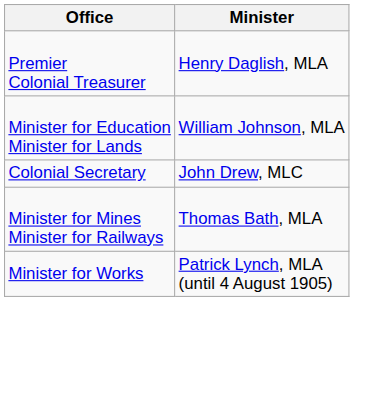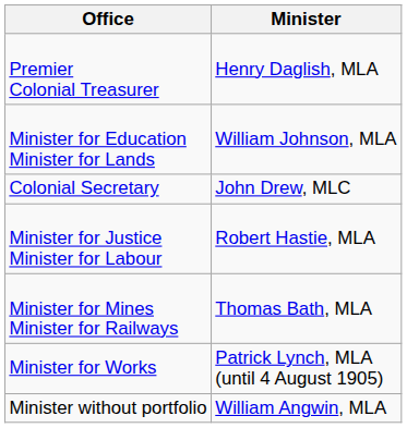 <table class="wikitable">
 <tr>
 <th>Office</th>
 <th>Minister</th>
 </tr>
 <tr>
 <td><br><a href='#'>Premier</a><br> <a href='#'>Colonial Treasurer</a><br></td>
 <td><a href='#'>Henry Daglish</a>, MLA</td>
 </tr>
 <tr>
 <td><br><a href='#'>Minister for Education</a><br> <a href='#'>Minister for Lands</a></td>
 <td><a href='#'>William Johnson</a>, MLA</td>
 </tr>
 <tr>
 <td><a href='#'>Colonial Secretary</a></td>
 <td><a href='#'>John Drew</a>, MLC</td>
 </tr>
 <tr>
+<td><br><a href='#'>Minister for Justice</a><br> <a href='#'>Minister for Labour</a><br></td>
+<td><a href='#'>Robert Hastie</a>, MLA</td>
+</tr>
+<tr>
 <td><br><a href='#'>Minister for Mines</a><br> <a href='#'>Minister for Railways</a></td>
 <td><a href='#'>Thomas Bath</a>, MLA</td>
 </tr>
 <tr>
 <td><a href='#'>Minister for Works</a></td>
 <td><a href='#'>Patrick Lynch</a>, MLA<br>(until 4 August 1905)</td>
 </tr>
+<tr>
+<td>Minister without portfolio</td>
+<td><a href='#'>William Angwin</a>, MLA</td>
+</tr>
 </table>
